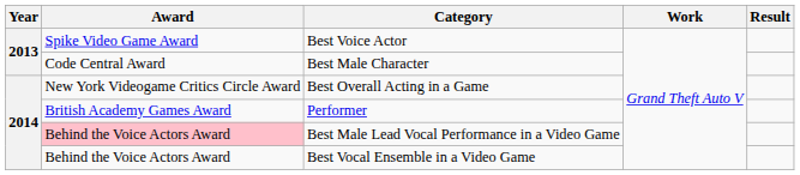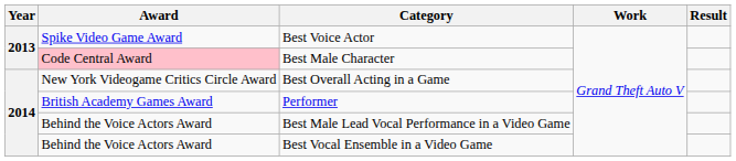 <table class="wikitable sortable plainrowheaders">
 <tr>
 <th>Year</th>
 <th>Award</th>
 <th>Category</th>
 <th>Work</th>
 <th>Result</th>
 </tr>
 <tr>
 <th scope="row" rowspan="2">2013</th>
 <td><a href='#'>Spike Video Game Award</a></td>
 <td>Best Voice Actor</td>
 <td rowspan="6"><em><a href='#'>Grand Theft Auto V</a></em></td>
 <td></td>
 </tr>
 <tr>
-<td>Code Central Award</td>
+<td style="background: pink;">Code Central Award</td>
 <td>Best Male Character</td>
 <td></td>
 </tr>
 <tr>
 <th scope="row" rowspan="4">2014</th>
 <td>New York Videogame Critics Circle Award</td>
 <td>Best Overall Acting in a Game</td>
 <td></td>
 </tr>
 <tr>
 <td><a href='#'>British Academy Games Award</a></td>
 <td><a href='#'>Performer</a></td>
 <td></td>
 </tr>
 <tr>
-<td style="background: pink;">Behind the Voice Actors Award</td>
+<td>Behind the Voice Actors Award</td>
 <td>Best Male Lead Vocal Performance in a Video Game</td>
 <td></td>
 </tr>
 <tr>
 <td>Behind the Voice Actors Award</td>
 <td>Best Vocal Ensemble in a Video Game</td>
 <td></td>
 </tr>
 </table>
